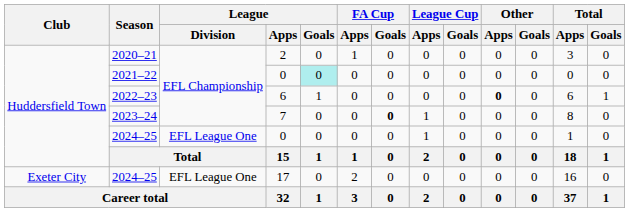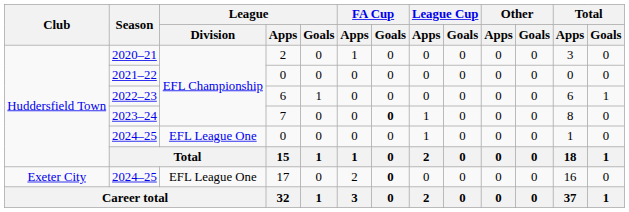 <table class=wikitable style="text-align: center">
 <tr>
 <th rowspan=2>Club</th>
 <th rowspan=2>Season</th>
 <th colspan=3>League</th>
 <th colspan=2><a href='#'>FA Cup</a></th>
 <th colspan=2><a href='#'>League Cup</a></th>
 <th colspan=2>Other</th>
 <th colspan=2>Total</th>
 </tr>
 <tr>
 <th>Division</th>
 <th>Apps</th>
 <th>Goals</th>
 <th>Apps</th>
 <th>Goals</th>
 <th>Apps</th>
 <th>Goals</th>
 <th>Apps</th>
 <th>Goals</th>
 <th>Apps</th>
 <th>Goals</th>
 </tr>
 <tr>
 <td rowspan="6"><a href='#'>Huddersfield Town</a></td>
 <td><a href='#'>2020–21</a></td>
 <td rowspan="4"><a href='#'>EFL Championship</a></td>
 <td>2</td>
 <td>0</td>
 <td>1</td>
 <td>0</td>
 <td>0</td>
 <td>0</td>
 <td>0</td>
 <td>0</td>
 <td>3</td>
 <td>0</td>
 </tr>
 <tr>
 <td><a href='#'>2021–22</a></td>
 <td>0</td>
-<td style="background: paleturquoise;">0</td>
+<td>0</td>
 <td>0</td>
 <td>0</td>
 <td>0</td>
 <td>0</td>
 <td>0</td>
 <td>0</td>
 <td>0</td>
 <td>0</td>
 </tr>
 <tr>
 <td><a href='#'>2022–23</a></td>
 <td>6</td>
 <td>1</td>
 <td>0</td>
 <td>0</td>
 <td>0</td>
 <td>0</td>
-<td><strong>0</strong></td>
+<td>0</td>
 <td>0</td>
 <td>6</td>
 <td>1</td>
 </tr>
 <tr>
 <td><a href='#'>2023–24</a></td>
 <td>7</td>
 <td>0</td>
 <td>0</td>
 <td><strong>0</strong></td>
 <td>1</td>
 <td>0</td>
 <td>0</td>
 <td>0</td>
 <td>8</td>
 <td>0</td>
 </tr>
 <tr>
 <td><a href='#'>2024–25</a></td>
 <td><a href='#'>EFL League One</a></td>
 <td>0</td>
 <td>0</td>
 <td>0</td>
 <td>0</td>
 <td>1</td>
 <td>0</td>
 <td>0</td>
 <td>0</td>
 <td>1</td>
 <td>0</td>
 </tr>
 <tr>
 <th colspan="2">Total</th>
 <th>15</th>
 <th>1</th>
 <th>1</th>
 <th>0</th>
 <th>2</th>
 <th>0</th>
 <th>0</th>
 <th>0</th>
 <th>18</th>
 <th>1</th>
 </tr>
 <tr>
 <td rowspan="1"><a href='#'>Exeter City</a></td>
 <td><a href='#'>2024–25</a></td>
 <td>EFL League One</td>
 <td>17</td>
 <td>0</td>
 <td>2</td>
-<td>0</td>
+<td><strong>0</strong></td>
 <td>0</td>
 <td>0</td>
 <td>0</td>
 <td>0</td>
 <td>16</td>
 <td>0</td>
 </tr>
 <tr>
 <th colspan="3">Career total</th>
 <th>32</th>
 <th>1</th>
 <th>3</th>
 <th>0</th>
 <th>2</th>
 <th>0</th>
 <th>0</th>
 <th>0</th>
 <th>37</th>
 <th>1</th>
 </tr>
 </table>
